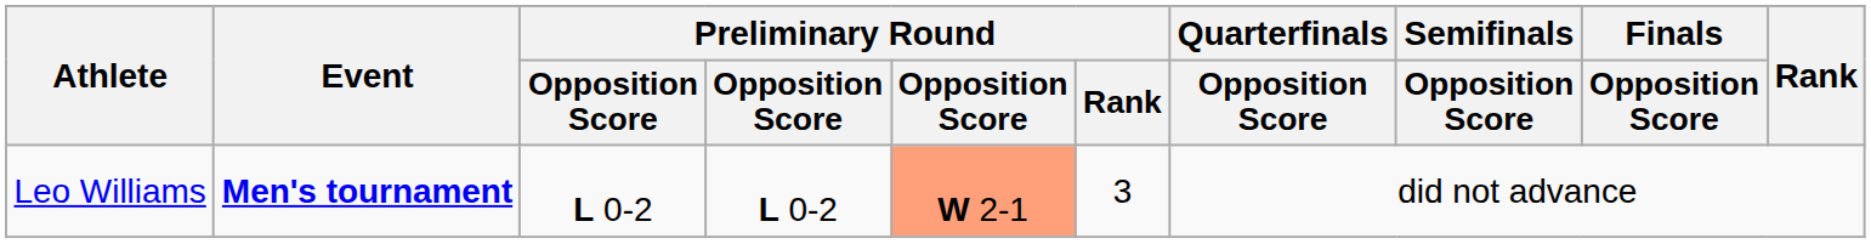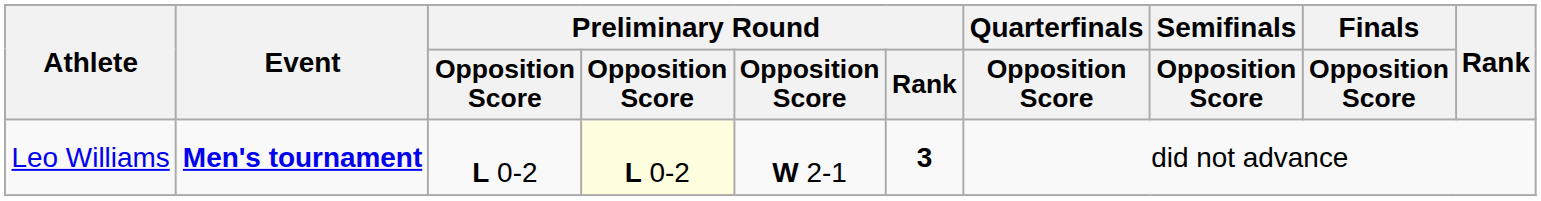 <table class=wikitable style="font-size:90%; text-align:center">
 <tr>
 <th rowspan="2">Athlete</th>
 <th rowspan="2">Event</th>
 <th colspan=4>Preliminary Round</th>
 <th>Quarterfinals</th>
 <th>Semifinals</th>
 <th>Finals</th>
 <th rowspan=2>Rank</th>
 </tr>
 <tr style=font-size:95%>
 <th>Opposition<br>Score</th>
 <th>Opposition<br>Score</th>
 <th>Opposition<br>Score</th>
 <th>Rank</th>
 <th>Opposition<br>Score</th>
 <th>Opposition<br>Score</th>
 <th>Opposition<br>Score</th>
 </tr>
 <tr>
 <td align=left><a href='#'>Leo Williams</a><br></td>
 <td align=left><strong><a href='#'>Men's tournament</a></strong></td>
 <td><br><strong>L</strong> 0-2</td>
-<td><br><strong>L</strong> 0-2</td>
-<td style="background: lightsalmon;"><br><strong>W</strong> 2-1</td>
-<td>3</td>
+<td style="background: lightyellow;"><br><strong>L</strong> 0-2</td>
+<td><br><strong>W</strong> 2-1</td>
+<td><strong>3</strong></td>
 <td colspan=5>did not advance</td>
 </tr>
 </table>
